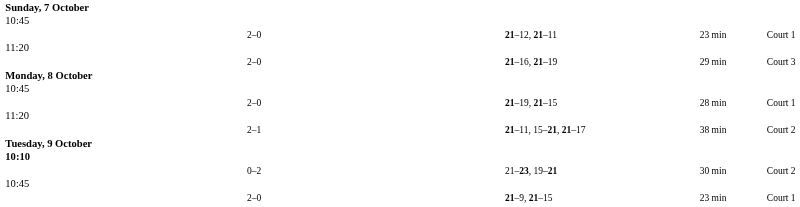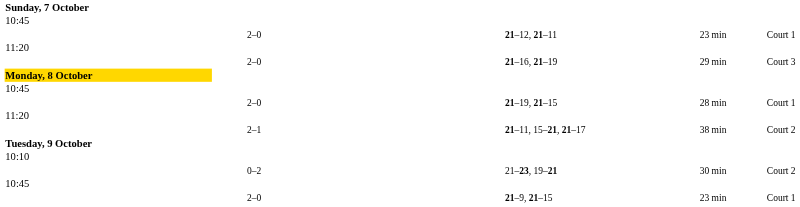 <table style="width:100%;" cellspacing="1">
 <tr>
 <th width=25%></th>
 <th width=10%></th>
 <th width=25%></th>
 </tr>
 <tr>
 <td><strong>Sunday, 7 October</strong></td>
 </tr>
 <tr>
 <td>10:45</td>
 </tr>
 <tr style=font-size:90%>
 <td align=right><strong></strong></td>
 <td align=center>2–0</td>
 <td></td>
 <td><strong>21</strong>–12, <strong>21</strong>–11</td>
 <td>23 min</td>
 <td>Court 1</td>
 </tr>
 <tr>
 <td>11:20</td>
 </tr>
 <tr style=font-size:90%>
 <td align=right><strong></strong></td>
 <td align=center>2–0</td>
 <td></td>
 <td><strong>21</strong>–16, <strong>21</strong>–19</td>
 <td>29 min</td>
 <td>Court 3</td>
 </tr>
 <tr>
-<td><strong>Monday, 8 October</strong></td>
+<td style="background: gold;"><strong>Monday, 8 October</strong></td>
 </tr>
 <tr>
 <td>10:45</td>
 </tr>
 <tr style=font-size:90%>
 <td align=right><strong></strong></td>
 <td align=center>2–0</td>
 <td></td>
 <td><strong>21</strong>–19, <strong>21</strong>–15</td>
 <td>28 min</td>
 <td>Court 1</td>
 </tr>
 <tr>
 <td>11:20</td>
 </tr>
 <tr style=font-size:90%>
 <td align=right><strong></strong></td>
 <td align=center>2–1</td>
 <td></td>
 <td><strong>21</strong>–11, 15–<strong>21</strong>, <strong>21</strong>–17</td>
 <td>38 min</td>
 <td>Court 2</td>
 </tr>
 <tr>
 <td><strong>Tuesday, 9 October</strong></td>
 </tr>
 <tr>
-<td><strong>10:10</strong></td>
+<td>10:10</td>
 </tr>
 <tr style=font-size:90%>
 <td align=right></td>
 <td align=center>0–2</td>
 <td><strong></strong></td>
 <td>21–<strong>23</strong>, 19–<strong>21</strong></td>
 <td>30 min</td>
 <td>Court 2</td>
 </tr>
 <tr>
 <td>10:45</td>
 </tr>
 <tr style=font-size:90%>
 <td align=right><strong></strong></td>
 <td align=center>2–0</td>
 <td></td>
 <td><strong>21</strong>–9, <strong>21</strong>–15</td>
 <td>23 min</td>
 <td>Court 1</td>
 </tr>
 </table>
